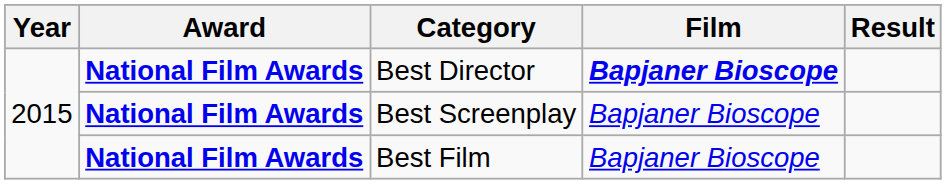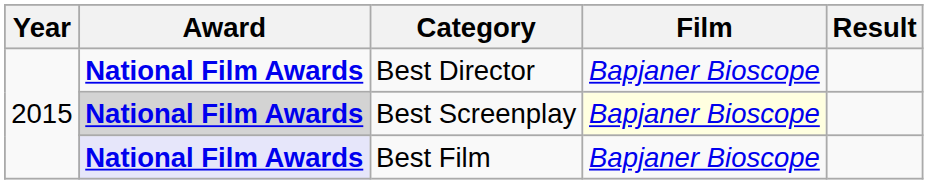 <table class="wikitable" style="font-size: 95%;">
 <tr>
 <th>Year</th>
 <th>Award</th>
 <th>Category</th>
 <th>Film</th>
 <th>Result</th>
 </tr>
 <tr>
 <td rowspan="3">2015</td>
 <td><strong><a href='#'>National Film Awards</a></strong></td>
 <td>Best Director</td>
-<td><strong><em><a href='#'>Bapjaner Bioscope</a></em></strong></td>
-<td></td>
-</tr>
-<tr>
-<td><strong><a href='#'>National Film Awards</a></strong></td>
-<td>Best Screenplay</td>
 <td><em><a href='#'>Bapjaner Bioscope</a></em></td>
 <td></td>
 </tr>
 <tr>
-<td><strong><a href='#'>National Film Awards</a></strong></td>
+<td style="background: lightgrey;"><strong><a href='#'>National Film Awards</a></strong></td>
+<td>Best Screenplay</td>
+<td style="background: lightyellow;"><em><a href='#'>Bapjaner Bioscope</a></em></td>
+<td></td>
+</tr>
+<tr>
+<td style="background: lavender;"><strong><a href='#'>National Film Awards</a></strong></td>
 <td>Best Film</td>
 <td><em><a href='#'>Bapjaner Bioscope</a></em></td>
 <td></td>
 </tr>
 </table>
